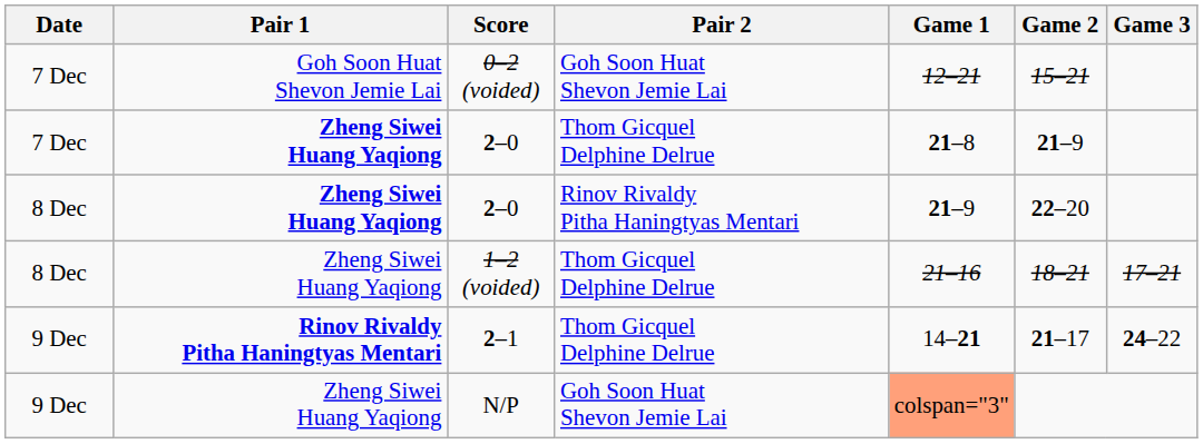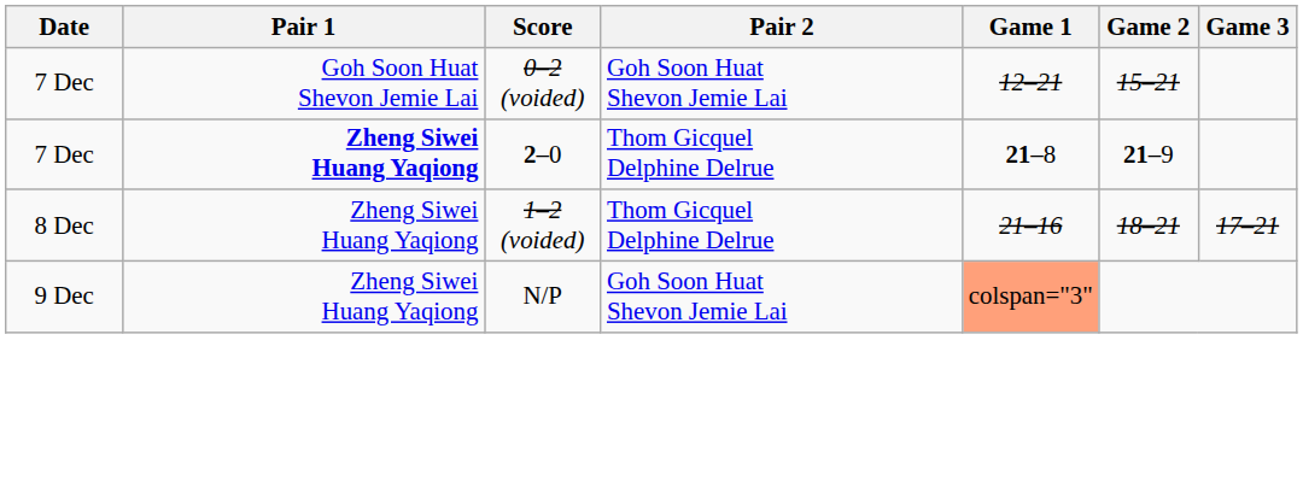 <table class="wikitable" style="text-align: center; font-size:90%">
 <tr>
 <th width="60">Date</th>
 <th align="right" width="200">Pair 1</th>
 <th width="60">Score</th>
 <th align="left"width="200">Pair 2</th>
 <th width="50">Game 1</th>
 <th width="50">Game 2</th>
 <th width="50">Game 3</th>
 </tr>
 <tr>
 <td>7 Dec</td>
 <td align="right"><a href='#'>Goh Soon Huat</a> <br><a href='#'>Shevon Jemie Lai</a> </td>
 <td align="center"><s><em>0–2</em></s><br><em>(voided)</em></td>
 <td align="left"> <a href='#'>Goh Soon Huat</a><br> <a href='#'>Shevon Jemie Lai</a></td>
 <td><s><em>12–21</em></s></td>
 <td><s><em>15–21</em></s></td>
 <td></td>
 </tr>
 <tr>
 <td>7 Dec</td>
 <td align="right"><strong><a href='#'>Zheng Siwei</a> <br><a href='#'>Huang Yaqiong</a> </strong></td>
 <td align="center"><strong>2</strong>–0</td>
 <td align="left"> <a href='#'>Thom Gicquel</a><br> <a href='#'>Delphine Delrue</a></td>
 <td><strong>21</strong>–8</td>
 <td><strong>21</strong>–9</td>
 <td></td>
 </tr>
 <tr>
 <td>8 Dec</td>
-<td align="right"><strong><a href='#'>Zheng Siwei</a> <br><a href='#'>Huang Yaqiong</a> </strong></td>
-<td align="center"><strong>2</strong>–0</td>
-<td align="left"> <a href='#'>Rinov Rivaldy</a><br> <a href='#'>Pitha Haningtyas Mentari</a></td>
-<td><strong>21</strong>–9</td>
-<td><strong>22</strong>–20</td>
-<td></td>
-</tr>
-<tr>
-<td>8 Dec</td>
 <td align="right"><a href='#'>Zheng Siwei</a> <br><a href='#'>Huang Yaqiong</a> </td>
 <td align="center"><s><em>1–2</em></s><br><em>(voided)</em></td>
 <td align="left"> <a href='#'>Thom Gicquel</a><br> <a href='#'>Delphine Delrue</a></td>
 <td><s><em>21–16</em></s></td>
 <td><s><em>18–21</em></s></td>
 <td><s><em>17–21</em></s></td>
 </tr>
 <tr>
 <td>9 Dec</td>
-<td align="right"><strong><a href='#'>Rinov Rivaldy</a> <br><a href='#'>Pitha Haningtyas Mentari</a> </strong></td>
-<td align="center"><strong>2</strong>–1</td>
-<td align="left"> <a href='#'>Thom Gicquel</a><br> <a href='#'>Delphine Delrue</a></td>
-<td>14–<strong>21</strong></td>
-<td><strong>21</strong>–17</td>
-<td><strong>24</strong>–22</td>
-</tr>
-<tr>
-<td>9 Dec</td>
 <td align="right"><a href='#'>Zheng Siwei</a> <br><a href='#'>Huang Yaqiong</a> </td>
 <td align="center">N/P</td>
 <td align="left"> <a href='#'>Goh Soon Huat</a><br> <a href='#'>Shevon Jemie Lai</a></td>
 <td style="background: lightsalmon;">colspan="3" </td>
 </tr>
 </table>
